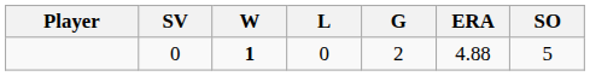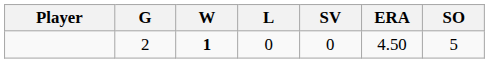 <table class="wikitable sortable">
 <tr>
 <th bgcolor="#DDDDFF" width="16%">Player</th>
-<th bgcolor="#DDDDFF" width="9%">SV</th>
+<th bgcolor="#DDDDFF" width="9%">G</th>
 <th bgcolor="#DDDDFF" width="9%">W</th>
 <th bgcolor="#DDDDFF" width="9%">L</th>
-<th bgcolor="#DDDDFF" width="9%">G</th>
+<th bgcolor="#DDDDFF" width="9%">SV</th>
 <th bgcolor="#DDDDFF" width="9%">ERA</th>
 <th bgcolor="#DDDDFF" width="9%">SO</th>
 </tr>
 <tr align="center">
 <td></td>
-<td>0</td>
+<td>2</td>
 <td><strong>1</strong></td>
 <td>0</td>
-<td>2</td>
-<td>4.88</td>
+<td>0</td>
+<td>4.50</td>
 <td>5</td>
 </tr>
 </table>
